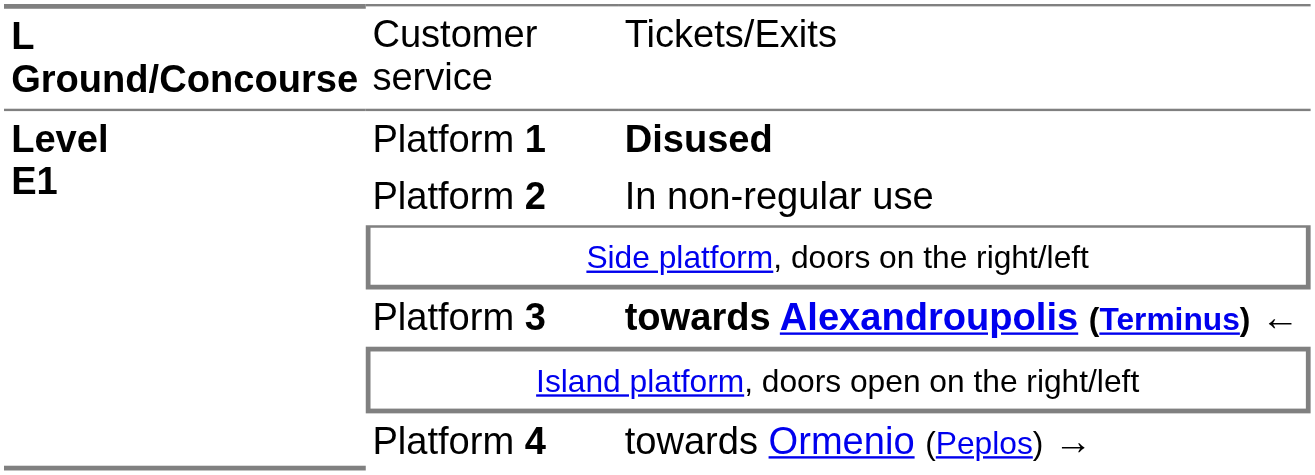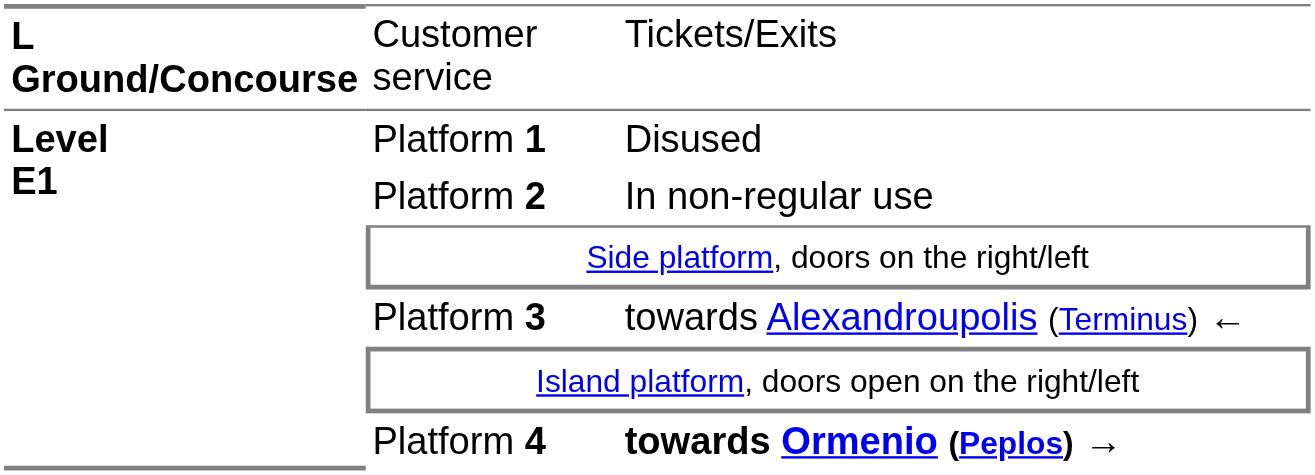 <table table border=0 cellspacing=0 cellpadding=3>
 <tr>
 <td style="border-bottom:solid 1px gray;border-top:solid 2px gray;" width=50 valign=top><strong>L<br>Ground/Concourse</strong></td>
 <td style="border-top:solid 1px gray;border-bottom:solid 1px gray;" width=100 valign=top>Customer service</td>
 <td style="border-top:solid 1px gray;border-bottom:solid 1px gray;" width=285 valign=top>Tickets/Exits</td>
 </tr>
 <tr>
 <td style="border-bottom:solid 2px gray;" rowspan=15 valign=top><strong>Level<br>Ε1</strong></td>
 </tr>
 <tr>
 <td>Platform <span><strong>1</strong></span></td>
-<td><strong>Disused</strong></td>
+<td>Disused</td>
 </tr>
 <tr>
 <td>Platform <span><strong>2</strong></span></td>
 <td>In non-regular use</td>
 </tr>
 <tr>
 <td style="border-top:solid 1px gray;border-right:solid 2px gray;border-left:solid 2px gray;border-bottom:solid 2px gray;text-align:center;" colspan=2><small><a href='#'>Side platform</a>, doors on the right/left</small></td>
 </tr>
 <tr>
 <td>Platform <span><strong>3</strong></span></td>
-<td><strong> towards <a href='#'>Alexandroupolis</a> <small>(<a href='#'>Terminus</a>)</small> ←</strong></td>
+<td> towards <a href='#'>Alexandroupolis</a> <small>(<a href='#'>Terminus</a>)</small> ←</td>
 </tr>
 <tr>
 <td style="border-top:solid 2px gray;border-right:solid 2px gray;border-left:solid 2px gray;border-bottom:solid 2px gray;text-align:center;" colspan=2><small><a href='#'>Island platform</a>, doors open on the right/left</small></td>
 </tr>
 <tr>
 <td>Platform <span><strong>4</strong></span></td>
-<td> towards <a href='#'>Ormenio</a> <small>(<a href='#'>Peplos</a>)</small> →</td>
+<td><strong> towards <a href='#'>Ormenio</a> <small>(<a href='#'>Peplos</a>)</small> →</strong></td>
 </tr>
 </table>
